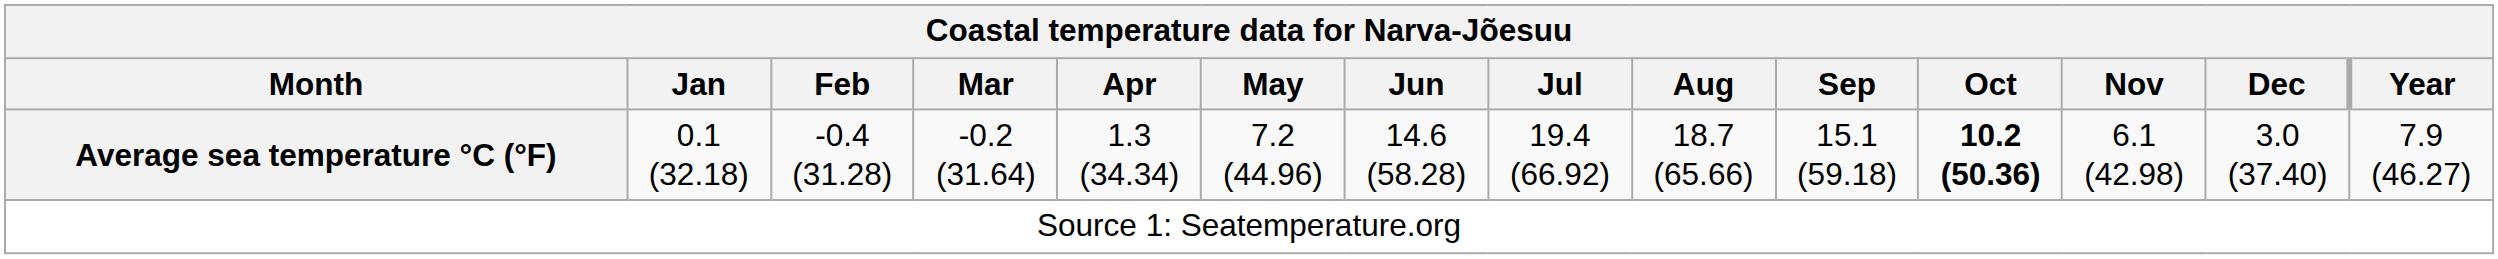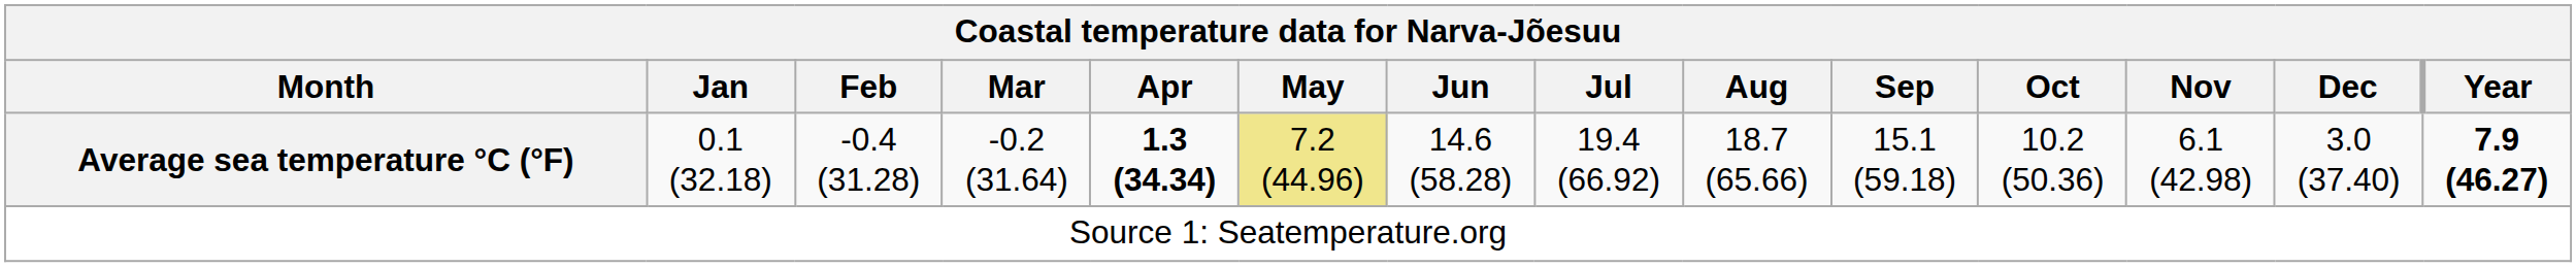 <table style="width:100%;text-align:center;line-height:1.2em;margin-left:auto;margin-right:auto" class="wikitable">
 <tr>
 <th Colspan=14>Coastal temperature data for Narva-Jõesuu</th>
 </tr>
 <tr>
 <th>Month</th>
 <th>Jan</th>
 <th>Feb</th>
 <th>Mar</th>
 <th>Apr</th>
 <th>May</th>
 <th>Jun</th>
 <th>Jul</th>
 <th>Aug</th>
 <th>Sep</th>
 <th>Oct</th>
 <th>Nov</th>
 <th>Dec</th>
 <th style="border-left-width:medium">Year</th>
 </tr>
 <tr>
 <th>Average sea temperature °C (°F)</th>
 <td>0.1<br>(32.18)</td>
 <td>-0.4<br>(31.28)</td>
 <td>-0.2<br>(31.64)</td>
-<td>1.3<br>(34.34)</td>
-<td>7.2<br>(44.96)</td>
+<td><strong>1.3<br>(34.34)</strong></td>
+<td style="background: khaki;">7.2<br>(44.96)</td>
 <td>14.6<br>(58.28)</td>
 <td>19.4<br>(66.92)</td>
 <td>18.7<br>(65.66)</td>
 <td>15.1<br>(59.18)</td>
-<td><strong>10.2<br>(50.36)</strong></td>
+<td>10.2<br>(50.36)</td>
 <td>6.1<br>(42.98)</td>
 <td>3.0<br>(37.40)</td>
-<td>7.9<br>(46.27)</td>
+<td><strong>7.9<br>(46.27)</strong></td>
 </tr>
 <tr>
 <th Colspan=14 style="background:#ffffff;font-weight:normal;font-size:100%;">Source 1: Seatemperature.org</th>
 </tr>
 </table>
